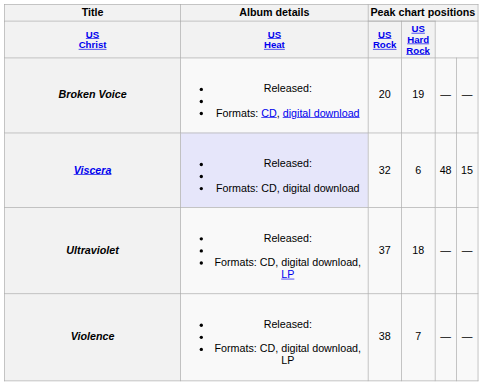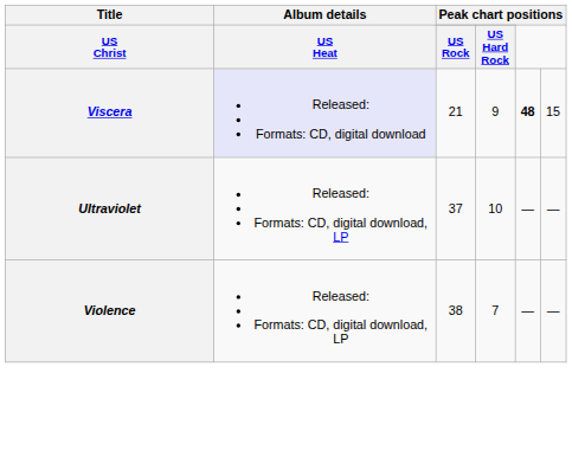 <table class="wikitable plainrowheaders" style="text-align:center;">
 <tr>
 <th scope="col" rowspan="2" style="width:16em;">Title</th>
 <th scope="col" rowspan="2" style="width:17em;">Album details</th>
 <th scope="col" colspan="4">Peak chart positions</th>
 </tr>
 <tr>
 </tr>
 <tr>
 <th style="width:3em; font-size:90%"><a href='#'>US<br>Christ</a><br></th>
 <th style="width:3em; font-size:90%"><a href='#'>US<br>Heat</a><br></th>
 <th style="width:3em; font-size:90%"><a href='#'>US<br>Rock</a><br></th>
 <th style="width:3em; font-size:90%"><a href='#'>US<br>Hard<br>Rock</a><br></th>
 </tr>
 <tr>
-<th scope="row"><em>Broken Voice</em></th>
-<td><br><ul><li>Released: </li><li></li><li>Formats: <a href='#'>CD</a>, <a href='#'>digital download</a></li></ul></td>
-<td>20</td>
-<td>19</td>
-<td>—</td>
-<td>—</td>
-</tr>
-<tr>
 <th scope="row"><em><a href='#'>Viscera</a></em></th>
 <td style="background: lavender;"><br><ul><li>Released: </li><li></li><li>Formats: CD, digital download</li></ul></td>
-<td>32</td>
-<td>6</td>
-<td>48</td>
+<td>21</td>
+<td>9</td>
+<td><strong>48</strong></td>
 <td>15</td>
 </tr>
 <tr>
 <th scope="row"><em>Ultraviolet</em></th>
 <td><br><ul><li>Released: </li><li></li><li>Formats: CD, digital download, <a href='#'>LP</a></li></ul></td>
 <td>37</td>
-<td>18</td>
+<td>10</td>
 <td>—</td>
 <td>—</td>
 </tr>
 <tr>
 <th scope="row"><em>Violence</em></th>
 <td><br><ul><li>Released: </li><li></li><li>Formats: CD, digital download, LP</li></ul></td>
 <td>38</td>
 <td>7</td>
 <td>—</td>
 <td>—</td>
 </tr>
 </table>
